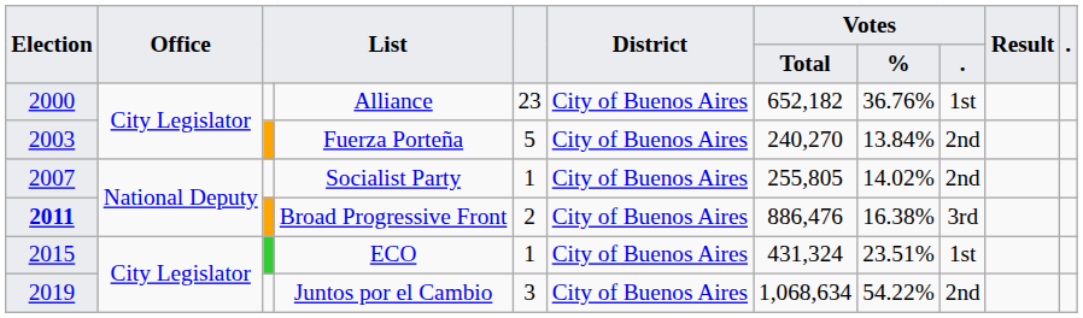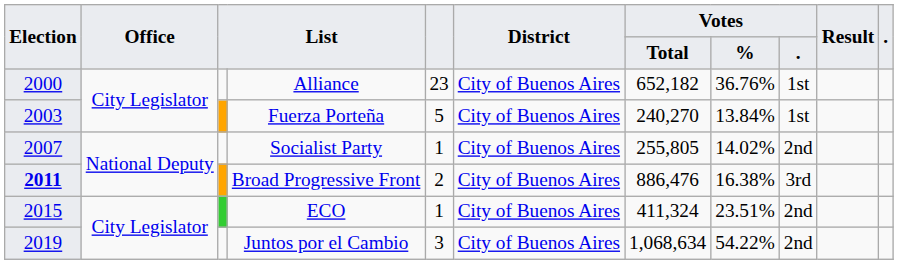 <table class="wikitable" style="font-size:90%; text-align:center;">
 <tr>
 <th style="background-color:#EAECF0;" rowspan=2>Election</th>
 <th style="background-color:#EAECF0;" rowspan=2>Office</th>
 <th style="background-color:#EAECF0;" colspan=2 rowspan=2>List</th>
 <th style="background-color:#EAECF0;" rowspan=2></th>
 <th style="background-color:#EAECF0;" rowspan=2>District</th>
 <th style="background-color:#EAECF0;" colspan=3>Votes</th>
 <th style="background-color:#EAECF0;" rowspan=2>Result</th>
 <th style="background-color:#EAECF0;" rowspan=2>.</th>
 </tr>
 <tr>
 <th style="background-color:#EAECF0;">Total</th>
 <th style="background-color:#EAECF0;">%</th>
 <th style="background-color:#EAECF0;">.</th>
 </tr>
 <tr>
 <td style="background-color:#EAECF0;"><a href='#'>2000</a></td>
 <td rowspan="2"><a href='#'>City Legislator</a></td>
 <td style="background-color:"></td>
 <td><a href='#'>Alliance</a></td>
 <td>23</td>
 <td><a href='#'>City of Buenos Aires</a></td>
 <td>652,182</td>
 <td>36.76%</td>
 <td>1st</td>
 <td></td>
 <td></td>
 </tr>
 <tr>
 <td style="background-color:#EAECF0;"><a href='#'>2003</a></td>
 <td style="background-color:orange;"></td>
 <td><a href='#'>Fuerza Porteña</a></td>
 <td>5</td>
 <td><a href='#'>City of Buenos Aires</a></td>
 <td>240,270</td>
 <td>13.84%</td>
-<td>2nd</td>
+<td>1st</td>
 <td></td>
 <td></td>
 </tr>
 <tr>
 <td style="background-color:#EAECF0;"><a href='#'>2007</a></td>
 <td rowspan="2"><a href='#'>National Deputy</a></td>
 <td style="background-color:"></td>
 <td><a href='#'>Socialist Party</a></td>
 <td>1</td>
 <td><a href='#'>City of Buenos Aires</a></td>
 <td>255,805</td>
 <td>14.02%</td>
 <td>2nd</td>
 <td></td>
 <td></td>
 </tr>
 <tr>
 <td style="background-color:#EAECF0;"><strong><a href='#'>2011</a></strong></td>
 <td style="background-color:orange;"></td>
 <td><a href='#'>Broad Progressive Front</a></td>
 <td>2</td>
 <td><a href='#'>City of Buenos Aires</a></td>
 <td>886,476</td>
 <td>16.38%</td>
 <td>3rd</td>
 <td></td>
 <td></td>
 </tr>
 <tr>
 <td style="background-color:#EAECF0;"><a href='#'>2015</a></td>
 <td rowspan="2"><a href='#'>City Legislator</a></td>
 <td style="background-color:#32CD32;"></td>
 <td><a href='#'>ECO</a></td>
 <td>1</td>
 <td><a href='#'>City of Buenos Aires</a></td>
-<td>431,324</td>
+<td>411,324</td>
 <td>23.51%</td>
-<td>1st</td>
+<td>2nd</td>
 <td></td>
 <td></td>
 </tr>
 <tr>
 <td style="background-color:#EAECF0;"><a href='#'>2019</a></td>
 <td style="background-color:"></td>
 <td><a href='#'>Juntos por el Cambio</a></td>
 <td>3</td>
 <td><a href='#'>City of Buenos Aires</a></td>
 <td>1,068,634</td>
 <td>54.22%</td>
 <td>2nd</td>
 <td></td>
 <td></td>
 </tr>
 </table>
